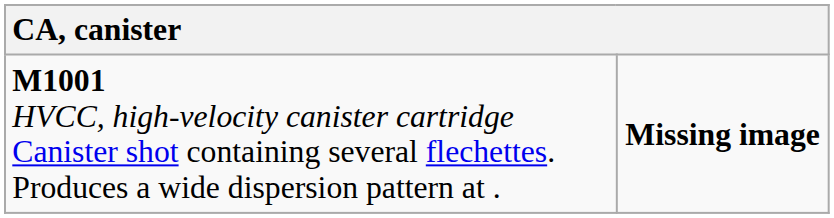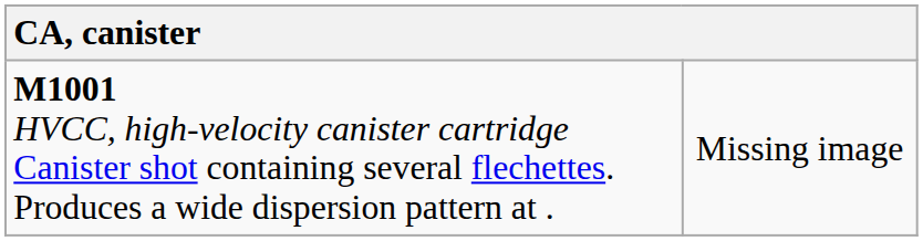 <table class="wikitable mw-collapsible mw-collapsed" style="width: 33%;">
 <tr>
 <th colspan="2" style="text-align: left;">CA, canister</th>
 </tr>
 <tr>
 <td><strong>M1001</strong><br><em>HVCC, high-velocity canister cartridge</em><br><a href='#'>Canister shot</a> containing several <a href='#'>flechettes</a>. Produces a  wide dispersion pattern at .</td>
-<td style="width: 100px; text-align: center; vertical-align: center;"><strong>Missing image</strong></td>
+<td style="width: 100px; text-align: center; vertical-align: center;">Missing image</td>
 </tr>
 </table>
